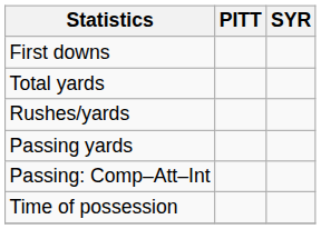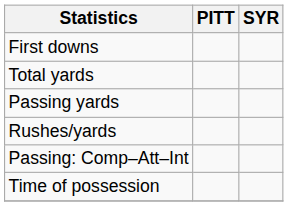 <table class="wikitable" style="float: left;">
 <tr>
 <th>Statistics</th>
 <th>PITT</th>
 <th>SYR</th>
 </tr>
 <tr>
 <td>First downs</td>
 <td></td>
 <td></td>
 </tr>
 <tr>
 <td>Total yards</td>
 <td></td>
 <td></td>
 </tr>
 <tr>
-<td>Rushes/yards</td>
+<td>Passing yards</td>
 <td></td>
 <td></td>
 </tr>
 <tr>
-<td>Passing yards</td>
+<td>Rushes/yards</td>
 <td></td>
 <td></td>
 </tr>
 <tr>
 <td>Passing: Comp–Att–Int</td>
 <td></td>
 <td></td>
 </tr>
 <tr>
 <td>Time of possession</td>
 <td></td>
 <td></td>
 </tr>
 <tr>
 </tr>
 </table>
